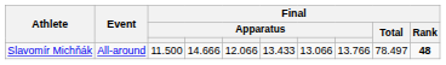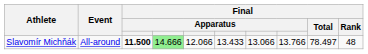 <table class="wikitable" style="font-size:90%">
 <tr>
 <th rowspan=3>Athlete</th>
 <th rowspan=3>Event</th>
 <th colspan =8>Final</th>
 </tr>
 <tr style="font-size:95%">
 <th colspan=6>Apparatus</th>
 <th rowspan=2>Total</th>
 <th rowspan=2>Rank</th>
 </tr>
 <tr style="font-size:95%">
 <th></th>
 <th></th>
 <th></th>
 <th></th>
 <th></th>
 <th></th>
 </tr>
 <tr align=center>
 <td align=left><a href='#'>Slavomír Michňák</a></td>
 <td align=left><a href='#'>All-around</a></td>
-<td>11.500</td>
-<td>14.666</td>
+<td><strong>11.500</strong></td>
+<td style="background: lightgreen;">14.666</td>
 <td>12.066</td>
 <td>13.433</td>
 <td>13.066</td>
 <td>13.766</td>
 <td>78.497</td>
-<td><strong>48</strong></td>
+<td>48</td>
 </tr>
 </table>
